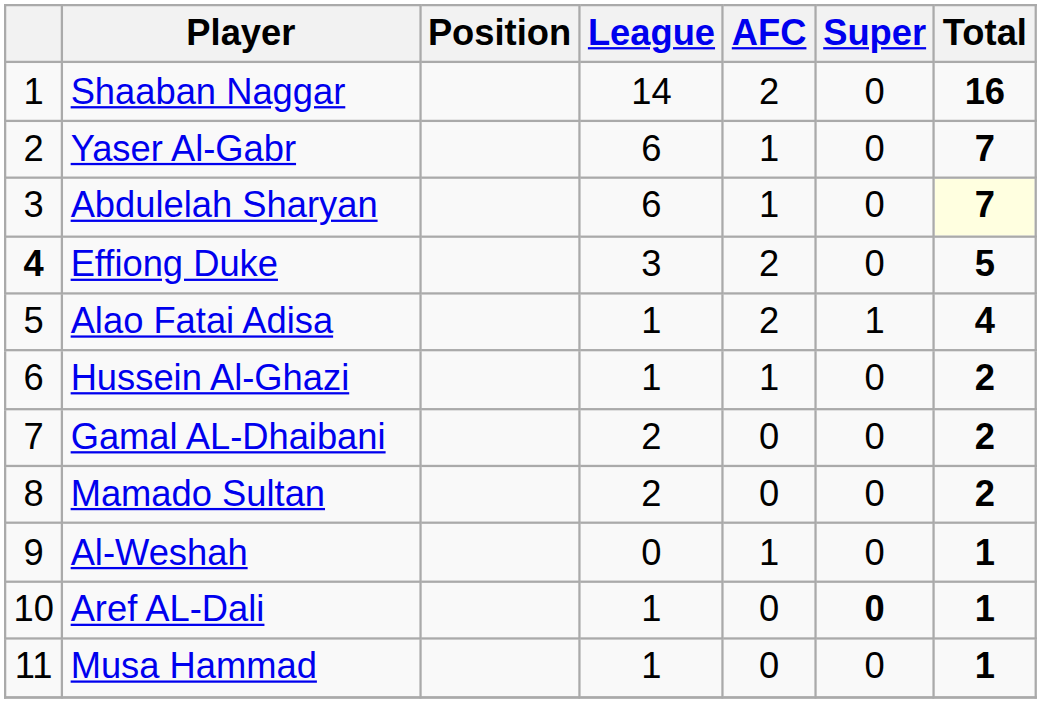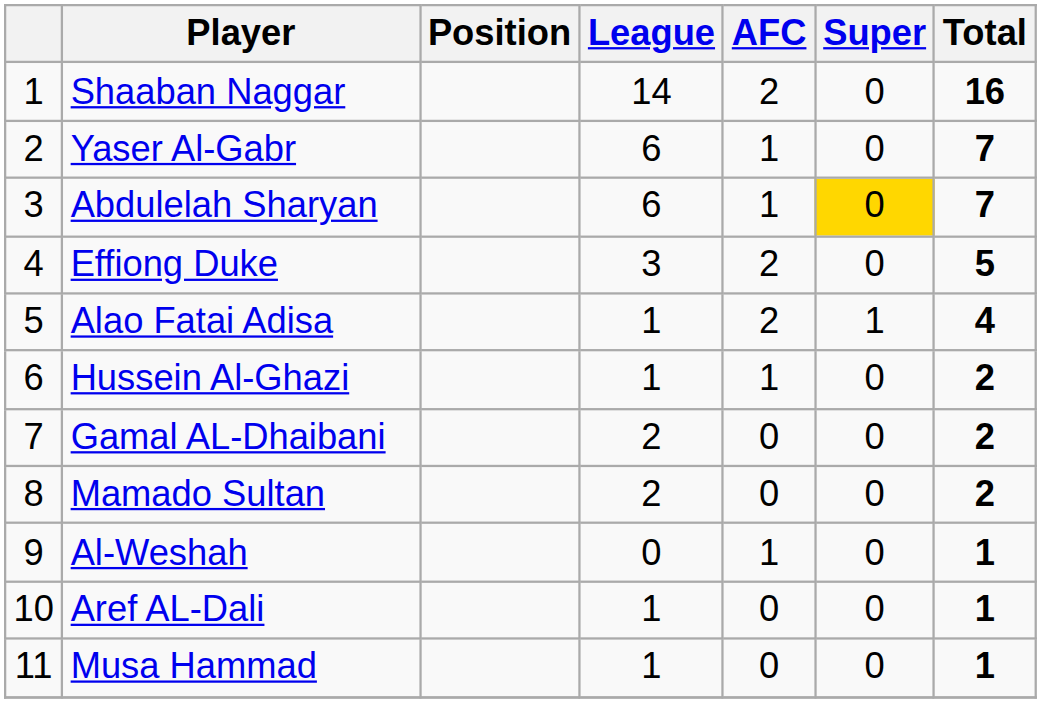 <table class="wikitable">
 <tr>
 <th></th>
 <th style="width:150px;">Player</th>
 <th>Position</th>
 <th><a href='#'>League</a></th>
 <th><a href='#'>AFC</a></th>
 <th><a href='#'>Super</a></th>
 <th>Total</th>
 </tr>
 <tr>
 <td align=center>1</td>
 <td> <a href='#'>Shaaban Naggar</a></td>
 <td align=center></td>
 <td align=center>14</td>
 <td align=center>2</td>
 <td align=center>0</td>
 <td align=center><strong>16</strong></td>
 </tr>
 <tr>
 <td align=center>2</td>
 <td> <a href='#'>Yaser Al-Gabr</a></td>
 <td align=center></td>
 <td align=center>6</td>
 <td align=center>1</td>
 <td align=center>0</td>
 <td align=center><strong>7</strong></td>
 </tr>
 <tr>
 <td align=center>3</td>
 <td> <a href='#'>Abdulelah Sharyan</a></td>
 <td align=center></td>
 <td align=center>6</td>
 <td align=center>1</td>
-<td align=center>0</td>
-<td align=center style="background: lightyellow;"><strong>7</strong></td>
+<td align=center style="background: gold;">0</td>
+<td align=center><strong>7</strong></td>
 </tr>
 <tr>
-<td align=center><strong>4</strong></td>
+<td align=center>4</td>
 <td> <a href='#'>Effiong Duke</a></td>
 <td align=center></td>
 <td align=center>3</td>
 <td align=center>2</td>
 <td align=center>0</td>
 <td align=center><strong>5</strong></td>
 </tr>
 <tr>
 <td align=center>5</td>
 <td> <a href='#'>Alao Fatai Adisa</a></td>
 <td align=center></td>
 <td align=center>1</td>
 <td align=center>2</td>
 <td align=center>1</td>
 <td align=center><strong>4</strong></td>
 </tr>
 <tr>
 <td align=center>6</td>
 <td> <a href='#'>Hussein Al-Ghazi</a></td>
 <td align=center></td>
 <td align=center>1</td>
 <td align=center>1</td>
 <td align=center>0</td>
 <td align=center><strong>2</strong></td>
 </tr>
 <tr>
 <td align=center>7</td>
 <td> <a href='#'>Gamal AL-Dhaibani</a></td>
 <td align=center></td>
 <td align=center>2</td>
 <td align=center>0</td>
 <td align=center>0</td>
 <td align=center><strong>2</strong></td>
 </tr>
 <tr>
 <td align=center>8</td>
 <td> <a href='#'>Mamado Sultan</a></td>
 <td align=center></td>
 <td align=center>2</td>
 <td align=center>0</td>
 <td align=center>0</td>
 <td align=center><strong>2</strong></td>
 </tr>
 <tr>
 <td align=center>9</td>
 <td> <a href='#'>Al-Weshah</a></td>
 <td align=center></td>
 <td align=center>0</td>
 <td align=center>1</td>
 <td align=center>0</td>
 <td align=center><strong>1</strong></td>
 </tr>
 <tr>
 <td align=center>10</td>
 <td> <a href='#'>Aref AL-Dali</a></td>
 <td align=center></td>
 <td align=center>1</td>
 <td align=center>0</td>
-<td align=center><strong>0</strong></td>
+<td align=center>0</td>
 <td align=center><strong>1</strong></td>
 </tr>
 <tr>
 <td align=center>11</td>
 <td> <a href='#'>Musa Hammad</a></td>
 <td align=center></td>
 <td align=center>1</td>
 <td align=center>0</td>
 <td align=center>0</td>
 <td align=center><strong>1</strong></td>
 </tr>
 <tr>
 </tr>
 </table>
